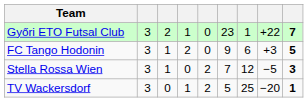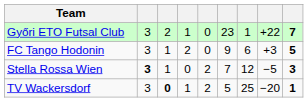 <table class="wikitable" style="text-align:center">
 <tr>
 <th width="175">Team</th>
 <th width="20"></th>
 <th width="20"></th>
 <th width="20"></th>
 <th width="20"></th>
 <th width="20"></th>
 <th width="20"></th>
 <th width="20"></th>
 <th width="20"></th>
 </tr>
 <tr bgcolor="#ccffcc">
 <td align="left"> <a href='#'>Győri ETO Futsal Club</a></td>
 <td>3</td>
 <td>2</td>
 <td>1</td>
 <td>0</td>
 <td>23</td>
 <td>1</td>
 <td>+22</td>
 <td><strong>7</strong></td>
 </tr>
 <tr>
 <td align="left"> <a href='#'>FC Tango Hodonin</a></td>
 <td>3</td>
 <td>1</td>
 <td>2</td>
 <td>0</td>
 <td>9</td>
 <td>6</td>
 <td>+3</td>
 <td><strong>5</strong></td>
 </tr>
 <tr>
 <td align="left"> <a href='#'>Stella Rossa Wien</a></td>
-<td>3</td>
+<td><strong>3</strong></td>
 <td>1</td>
 <td>0</td>
 <td>2</td>
 <td>7</td>
 <td>12</td>
 <td>−5</td>
 <td><strong>3</strong></td>
 </tr>
 <tr>
 <td align="left"> <a href='#'>TV Wackersdorf</a></td>
 <td>3</td>
-<td>0</td>
+<td><strong>0</strong></td>
 <td>1</td>
 <td>2</td>
 <td>5</td>
 <td>25</td>
 <td>−20</td>
 <td><strong>1</strong></td>
 </tr>
 </table>
